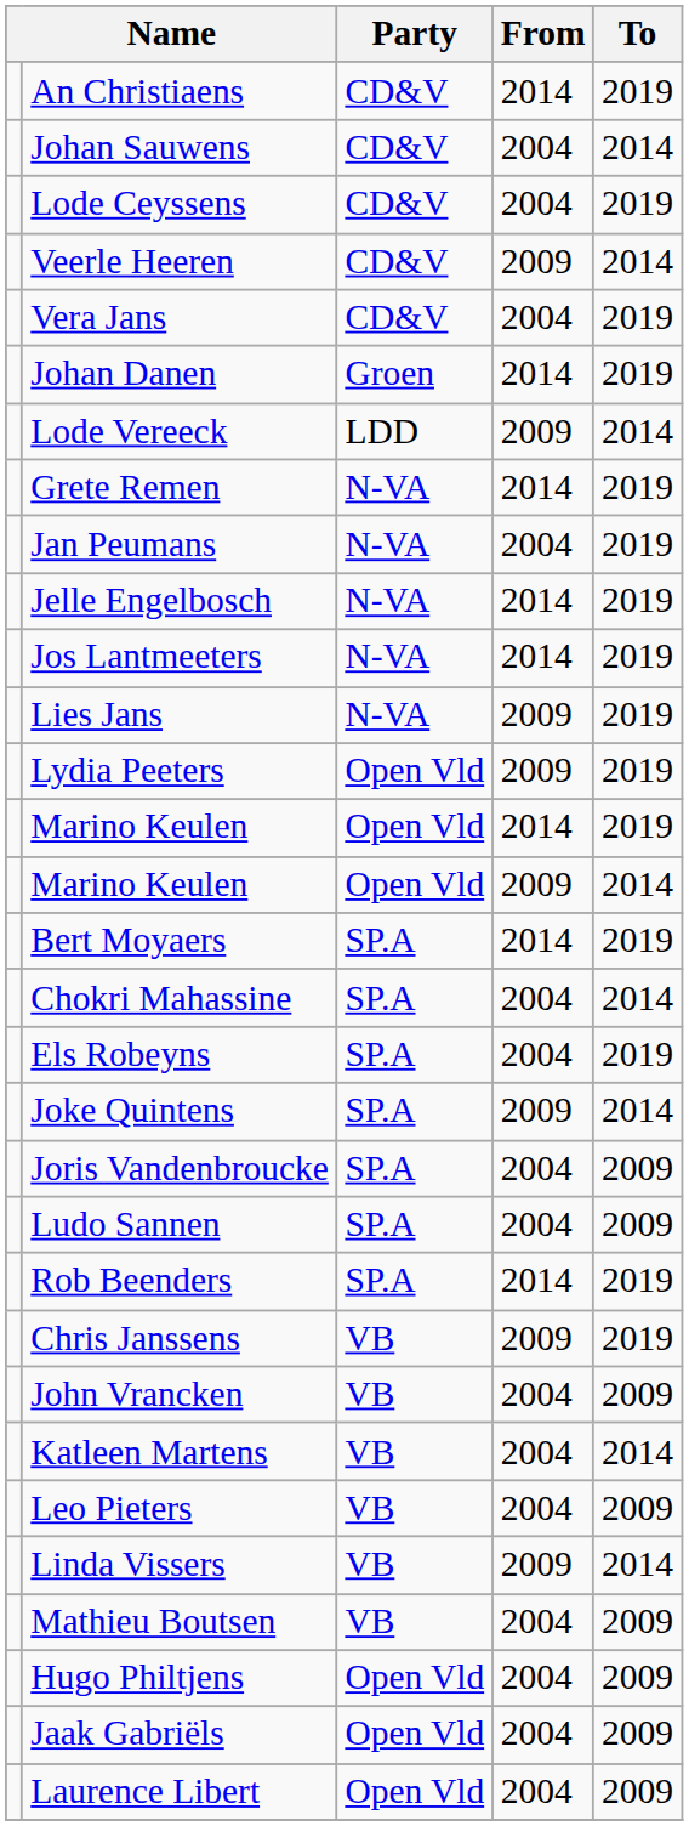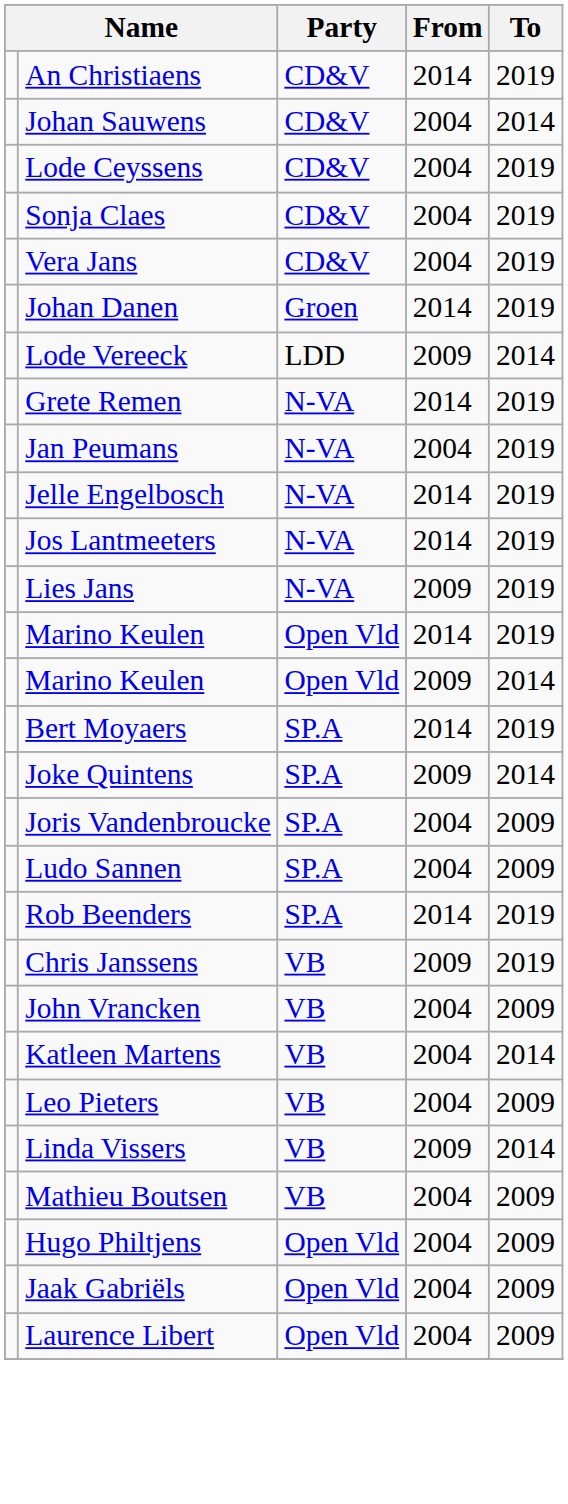 <table class="wikitable sortable">
 <tr>
 <th colspan=2>Name</th>
 <th>Party</th>
 <th>From</th>
 <th>To</th>
 </tr>
 <tr>
 <td style="background-color: "></td>
 <td><a href='#'>An Christiaens</a></td>
 <td><a href='#'>CD&V</a></td>
 <td>2014</td>
 <td>2019</td>
 </tr>
 <tr>
 <td style="background-color: "></td>
 <td><a href='#'>Johan Sauwens</a></td>
 <td><a href='#'>CD&V</a></td>
 <td>2004</td>
 <td>2014</td>
 </tr>
 <tr>
 <td style="background-color: "></td>
 <td><a href='#'>Lode Ceyssens</a></td>
 <td><a href='#'>CD&V</a></td>
 <td>2004</td>
 <td>2019</td>
 </tr>
 <tr>
 <td style="background-color: "></td>
-<td><a href='#'>Veerle Heeren</a></td>
+<td><a href='#'>Sonja Claes</a></td>
 <td><a href='#'>CD&V</a></td>
-<td>2009</td>
-<td>2014</td>
+<td>2004</td>
+<td>2019</td>
 </tr>
 <tr>
 <td style="background-color: "></td>
 <td><a href='#'>Vera Jans</a></td>
 <td><a href='#'>CD&V</a></td>
 <td>2004</td>
 <td>2019</td>
 </tr>
 <tr>
 <td style="background-color: "></td>
 <td><a href='#'>Johan Danen</a></td>
 <td><a href='#'>Groen</a></td>
 <td>2014</td>
 <td>2019</td>
 </tr>
 <tr>
 <td style="background-color: "></td>
 <td><a href='#'>Lode Vereeck</a></td>
 <td>LDD</td>
 <td>2009</td>
 <td>2014</td>
 </tr>
 <tr>
 <td style="background-color: "></td>
 <td><a href='#'>Grete Remen</a></td>
 <td><a href='#'>N-VA</a></td>
 <td>2014</td>
 <td>2019</td>
 </tr>
 <tr>
 <td style="background-color: "></td>
 <td><a href='#'>Jan Peumans</a></td>
 <td><a href='#'>N-VA</a></td>
 <td>2004</td>
 <td>2019</td>
 </tr>
 <tr>
 <td style="background-color: "></td>
 <td><a href='#'>Jelle Engelbosch</a></td>
 <td><a href='#'>N-VA</a></td>
 <td>2014</td>
 <td>2019</td>
 </tr>
 <tr>
 <td style="background-color: "></td>
 <td><a href='#'>Jos Lantmeeters</a></td>
 <td><a href='#'>N-VA</a></td>
 <td>2014</td>
 <td>2019</td>
 </tr>
 <tr>
 <td style="background-color: "></td>
 <td><a href='#'>Lies Jans</a></td>
 <td><a href='#'>N-VA</a></td>
 <td>2009</td>
 <td>2019</td>
 </tr>
 <tr>
 <td style="background-color: "></td>
-<td><a href='#'>Lydia Peeters</a></td>
-<td><a href='#'>Open Vld</a></td>
-<td>2009</td>
-<td>2019</td>
-</tr>
-<tr>
-<td style="background-color: "></td>
 <td><a href='#'>Marino Keulen</a></td>
 <td><a href='#'>Open Vld</a></td>
 <td>2014</td>
 <td>2019</td>
 </tr>
 <tr>
 <td style="background-color: "></td>
 <td><a href='#'>Marino Keulen</a></td>
 <td><a href='#'>Open Vld</a></td>
 <td>2009</td>
 <td>2014</td>
 </tr>
 <tr>
 <td style="background-color: "></td>
 <td><a href='#'>Bert Moyaers</a></td>
 <td><a href='#'>SP.A</a></td>
 <td>2014</td>
-<td>2019</td>
-</tr>
-<tr>
-<td style="background-color: "></td>
-<td><a href='#'>Chokri Mahassine</a></td>
-<td><a href='#'>SP.A</a></td>
-<td>2004</td>
-<td>2014</td>
-</tr>
-<tr>
-<td style="background-color: "></td>
-<td><a href='#'>Els Robeyns</a></td>
-<td><a href='#'>SP.A</a></td>
-<td>2004</td>
 <td>2019</td>
 </tr>
 <tr>
 <td style="background-color: "></td>
 <td><a href='#'>Joke Quintens</a></td>
 <td><a href='#'>SP.A</a></td>
 <td>2009</td>
 <td>2014</td>
 </tr>
 <tr>
 <td style="background-color: "></td>
 <td><a href='#'>Joris Vandenbroucke</a></td>
 <td><a href='#'>SP.A</a></td>
 <td>2004</td>
 <td>2009</td>
 </tr>
 <tr>
 <td style="background-color: "></td>
 <td><a href='#'>Ludo Sannen</a></td>
 <td><a href='#'>SP.A</a></td>
 <td>2004</td>
 <td>2009</td>
 </tr>
 <tr>
 <td style="background-color: "></td>
 <td><a href='#'>Rob Beenders</a></td>
 <td><a href='#'>SP.A</a></td>
 <td>2014</td>
 <td>2019</td>
 </tr>
 <tr>
 <td style="background-color: "></td>
 <td><a href='#'>Chris Janssens</a></td>
 <td><a href='#'>VB</a></td>
 <td>2009</td>
 <td>2019</td>
 </tr>
 <tr>
 <td style="background-color: "></td>
 <td><a href='#'>John Vrancken</a></td>
 <td><a href='#'>VB</a></td>
 <td>2004</td>
 <td>2009</td>
 </tr>
 <tr>
 <td style="background-color: "></td>
 <td><a href='#'>Katleen Martens</a></td>
 <td><a href='#'>VB</a></td>
 <td>2004</td>
 <td>2014</td>
 </tr>
 <tr>
 <td style="background-color: "></td>
 <td><a href='#'>Leo Pieters</a></td>
 <td><a href='#'>VB</a></td>
 <td>2004</td>
 <td>2009</td>
 </tr>
 <tr>
 <td style="background-color: "></td>
 <td><a href='#'>Linda Vissers</a></td>
 <td><a href='#'>VB</a></td>
 <td>2009</td>
 <td>2014</td>
 </tr>
 <tr>
 <td style="background-color: "></td>
 <td><a href='#'>Mathieu Boutsen</a></td>
 <td><a href='#'>VB</a></td>
 <td>2004</td>
 <td>2009</td>
 </tr>
 <tr>
 <td style="background-color: "></td>
 <td><a href='#'>Hugo Philtjens</a></td>
 <td><a href='#'>Open Vld</a></td>
 <td>2004</td>
 <td>2009</td>
 </tr>
 <tr>
 <td style="background-color: "></td>
 <td><a href='#'>Jaak Gabriëls</a></td>
 <td><a href='#'>Open Vld</a></td>
 <td>2004</td>
 <td>2009</td>
 </tr>
 <tr>
 <td style="background-color: "></td>
 <td><a href='#'>Laurence Libert</a></td>
 <td><a href='#'>Open Vld</a></td>
 <td>2004</td>
 <td>2009</td>
 </tr>
 <tr>
 </tr>
 </table>
